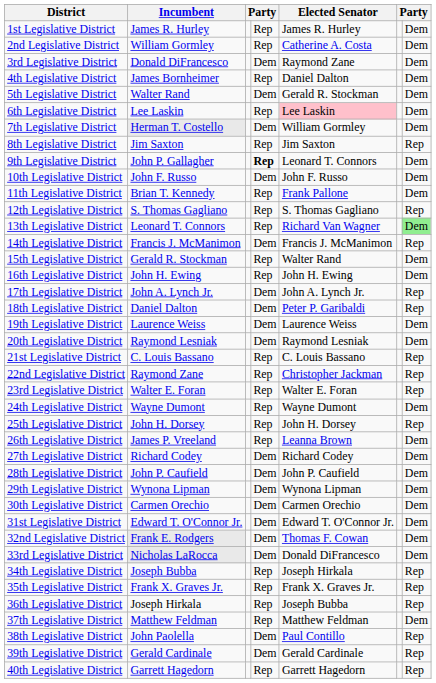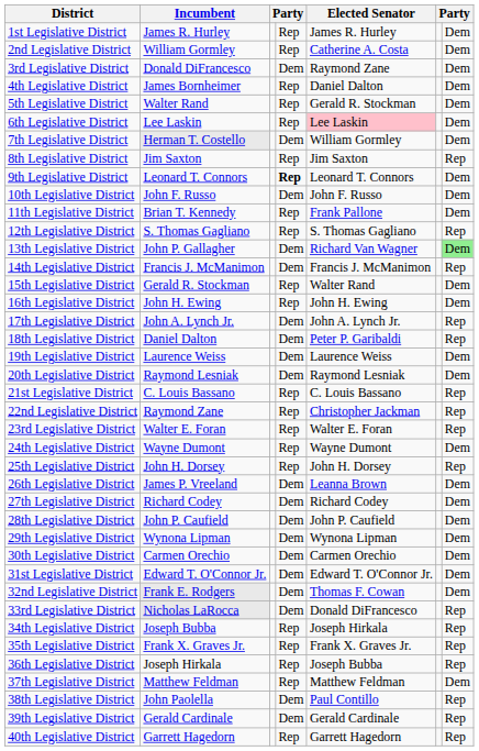 <table class="sortable wikitable" style="font-size:95%;line-height:14px;">
 <tr>
 <th>District</th>
 <th class="unsortable"><a href='#'>Incumbent</a></th>
 <th colspan="2">Party</th>
 <th class="unsortable">Elected Senator</th>
 <th colspan="2">Party</th>
 </tr>
 <tr>
 <td><a href='#'>1st Legislative District</a></td>
 <td><a href='#'>James R. Hurley</a></td>
 <td style="background:"></td>
 <td>Rep</td>
 <td>James R. Hurley</td>
 <td style="background:"></td>
 <td>Dem</td>
 </tr>
 <tr>
 <td><a href='#'>2nd Legislative District</a></td>
 <td><a href='#'>William Gormley</a></td>
 <td style="background:"></td>
 <td>Rep</td>
 <td><a href='#'>Catherine A. Costa</a></td>
 <td style="background:"></td>
 <td>Dem</td>
 </tr>
 <tr>
 <td><a href='#'>3rd Legislative District</a></td>
 <td><a href='#'>Donald DiFrancesco</a></td>
 <td style="background:"></td>
 <td>Dem</td>
 <td>Raymond Zane</td>
 <td style="background:"></td>
 <td>Dem</td>
 </tr>
 <tr>
 <td><a href='#'>4th Legislative District</a></td>
 <td><a href='#'>James Bornheimer</a></td>
 <td style="background:"></td>
 <td>Rep</td>
 <td>Daniel Dalton</td>
 <td style="background:"></td>
 <td>Dem</td>
 </tr>
 <tr>
 <td><a href='#'>5th Legislative District</a></td>
 <td><a href='#'>Walter Rand</a></td>
 <td style="background:"></td>
-<td>Dem</td>
+<td>Rep</td>
 <td>Gerald R. Stockman</td>
 <td style="background:"></td>
 <td>Dem</td>
 </tr>
 <tr>
 <td><a href='#'>6th Legislative District</a></td>
 <td><a href='#'>Lee Laskin</a></td>
 <td style="background:"></td>
 <td>Rep</td>
 <td style="background: pink;">Lee Laskin</td>
 <td style="background:"></td>
 <td>Dem</td>
 </tr>
 <tr>
 <td><a href='#'>7th Legislative District</a></td>
 <td style="background:#E9E9E9;"><a href='#'>Herman T. Costello</a></td>
 <td style="background:"></td>
 <td>Dem</td>
 <td>William Gormley</td>
 <td style="background:"></td>
 <td>Dem</td>
 </tr>
 <tr>
 <td><a href='#'>8th Legislative District</a></td>
 <td><a href='#'>Jim Saxton</a></td>
 <td style="background:"></td>
 <td>Rep</td>
 <td>Jim Saxton</td>
 <td style="background:"></td>
 <td>Rep</td>
 </tr>
 <tr>
 <td><a href='#'>9th Legislative District</a></td>
-<td><a href='#'>John P. Gallagher</a></td>
+<td><a href='#'>Leonard T. Connors</a></td>
 <td style="background:"></td>
 <td><strong>Rep</strong></td>
 <td>Leonard T. Connors</td>
 <td style="background:"></td>
 <td>Dem</td>
 </tr>
 <tr>
 <td><a href='#'>10th Legislative District</a></td>
 <td><a href='#'>John F. Russo</a></td>
 <td style="background:"></td>
 <td>Dem</td>
 <td>John F. Russo</td>
 <td style="background:"></td>
 <td>Dem</td>
 </tr>
 <tr>
 <td><a href='#'>11th Legislative District</a></td>
 <td><a href='#'>Brian T. Kennedy</a></td>
 <td style="background:"></td>
 <td>Rep</td>
 <td><a href='#'>Frank Pallone</a></td>
 <td style="background:"></td>
 <td>Dem</td>
 </tr>
 <tr>
 <td><a href='#'>12th Legislative District</a></td>
 <td><a href='#'>S. Thomas Gagliano</a></td>
 <td style="background:"></td>
 <td>Rep</td>
 <td>S. Thomas Gagliano</td>
 <td style="background:"></td>
 <td>Rep</td>
 </tr>
 <tr>
 <td><a href='#'>13th Legislative District</a></td>
-<td><a href='#'>Leonard T. Connors</a></td>
+<td><a href='#'>John P. Gallagher</a></td>
 <td style="background:"></td>
-<td>Rep</td>
+<td>Dem</td>
 <td><a href='#'>Richard Van Wagner</a></td>
 <td style="background:"></td>
 <td style="background: lightgreen;">Dem</td>
 </tr>
 <tr>
 <td><a href='#'>14th Legislative District</a></td>
 <td><a href='#'>Francis J. McManimon</a></td>
 <td style="background:"></td>
 <td>Dem</td>
 <td>Francis J. McManimon</td>
 <td style="background:"></td>
 <td>Rep</td>
 </tr>
 <tr>
 <td><a href='#'>15th Legislative District</a></td>
 <td><a href='#'>Gerald R. Stockman</a></td>
 <td style="background:"></td>
 <td>Rep</td>
 <td>Walter Rand</td>
 <td style="background:"></td>
 <td>Dem</td>
 </tr>
 <tr>
 <td><a href='#'>16th Legislative District</a></td>
 <td><a href='#'>John H. Ewing</a></td>
 <td style="background:"></td>
 <td>Rep</td>
 <td>John H. Ewing</td>
 <td style="background:"></td>
 <td>Dem</td>
 </tr>
 <tr>
 <td><a href='#'>17th Legislative District</a></td>
 <td><a href='#'>John A. Lynch Jr.</a></td>
 <td style="background:"></td>
 <td>Dem</td>
 <td>John A. Lynch Jr.</td>
 <td style="background:"></td>
 <td>Rep</td>
 </tr>
 <tr>
 <td><a href='#'>18th Legislative District</a></td>
 <td><a href='#'>Daniel Dalton</a></td>
 <td style="background:"></td>
 <td>Dem</td>
 <td><a href='#'>Peter P. Garibaldi</a></td>
 <td style="background:"></td>
 <td>Rep</td>
 </tr>
 <tr>
 <td><a href='#'>19th Legislative District</a></td>
 <td><a href='#'>Laurence Weiss</a></td>
 <td style="background:"></td>
 <td>Dem</td>
 <td>Laurence Weiss</td>
 <td style="background:"></td>
 <td>Dem</td>
 </tr>
 <tr>
 <td><a href='#'>20th Legislative District</a></td>
 <td><a href='#'>Raymond Lesniak</a></td>
 <td style="background:"></td>
 <td>Dem</td>
 <td>Raymond Lesniak</td>
 <td style="background:"></td>
 <td>Dem</td>
 </tr>
 <tr>
 <td><a href='#'>21st Legislative District</a></td>
 <td><a href='#'>C. Louis Bassano</a></td>
 <td style="background:"></td>
 <td>Rep</td>
 <td>C. Louis Bassano</td>
 <td style="background:"></td>
 <td>Rep</td>
 </tr>
 <tr>
 <td><a href='#'>22nd Legislative District</a></td>
 <td><a href='#'>Raymond Zane</a></td>
 <td style="background:"></td>
 <td>Rep</td>
 <td><a href='#'>Christopher Jackman</a></td>
 <td style="background:"></td>
 <td>Rep</td>
 </tr>
 <tr>
 <td><a href='#'>23rd Legislative District</a></td>
 <td><a href='#'>Walter E. Foran</a></td>
 <td style="background:"></td>
 <td>Rep</td>
 <td>Walter E. Foran</td>
 <td style="background:"></td>
 <td>Rep</td>
 </tr>
 <tr>
 <td><a href='#'>24th Legislative District</a></td>
 <td><a href='#'>Wayne Dumont</a></td>
 <td style="background:"></td>
 <td>Rep</td>
 <td>Wayne Dumont</td>
 <td style="background:"></td>
 <td>Dem</td>
 </tr>
 <tr>
 <td><a href='#'>25th Legislative District</a></td>
 <td><a href='#'>John H. Dorsey</a></td>
 <td style="background:"></td>
 <td>Rep</td>
 <td>John H. Dorsey</td>
 <td style="background:"></td>
 <td>Rep</td>
 </tr>
 <tr>
 <td><a href='#'>26th Legislative District</a></td>
 <td><a href='#'>James P. Vreeland</a></td>
 <td style="background:"></td>
-<td>Rep</td>
+<td>Dem</td>
 <td><a href='#'>Leanna Brown</a></td>
 <td style="background:"></td>
 <td>Dem</td>
 </tr>
 <tr>
 <td><a href='#'>27th Legislative District</a></td>
 <td><a href='#'>Richard Codey</a></td>
 <td style="background:"></td>
 <td>Dem</td>
 <td>Richard Codey</td>
 <td style="background:"></td>
 <td>Dem</td>
 </tr>
 <tr>
 <td><a href='#'>28th Legislative District</a></td>
 <td><a href='#'>John P. Caufield</a></td>
 <td style="background:"></td>
 <td>Dem</td>
 <td>John P. Caufield</td>
 <td style="background:"></td>
 <td>Dem</td>
 </tr>
 <tr>
 <td><a href='#'>29th Legislative District</a></td>
 <td><a href='#'>Wynona Lipman</a></td>
 <td style="background:"></td>
 <td>Dem</td>
 <td>Wynona Lipman</td>
 <td style="background:"></td>
 <td>Dem</td>
 </tr>
 <tr>
 <td><a href='#'>30th Legislative District</a></td>
 <td><a href='#'>Carmen Orechio</a></td>
 <td style="background:"></td>
 <td>Dem</td>
 <td>Carmen Orechio</td>
 <td style="background:"></td>
 <td>Dem</td>
 </tr>
 <tr>
 <td><a href='#'>31st Legislative District</a></td>
 <td><a href='#'>Edward T. O'Connor Jr.</a></td>
 <td style="background:"></td>
 <td>Dem</td>
 <td>Edward T. O'Connor Jr.</td>
 <td style="background:"></td>
 <td>Dem</td>
 </tr>
 <tr>
 <td><a href='#'>32nd Legislative District</a></td>
 <td style="background:#E9E9E9;"><a href='#'>Frank E. Rodgers</a></td>
 <td style="background:"></td>
 <td>Dem</td>
 <td><a href='#'>Thomas F. Cowan</a></td>
 <td style="background:"></td>
 <td>Dem</td>
 </tr>
 <tr>
 <td><a href='#'>33rd Legislative District</a></td>
 <td style="background:#E9E9E9;"><a href='#'>Nicholas LaRocca</a></td>
 <td style="background:"></td>
 <td>Dem</td>
 <td>Donald DiFrancesco</td>
 <td style="background:"></td>
-<td>Dem</td>
+<td>Rep</td>
 </tr>
 <tr>
 <td><a href='#'>34th Legislative District</a></td>
 <td><a href='#'>Joseph Bubba</a></td>
 <td style="background:"></td>
 <td>Rep</td>
 <td>Joseph Hirkala</td>
 <td style="background:"></td>
 <td>Rep</td>
 </tr>
 <tr>
 <td><a href='#'>35th Legislative District</a></td>
 <td><a href='#'>Frank X. Graves Jr.</a></td>
 <td style="background:"></td>
 <td>Rep</td>
 <td>Frank X. Graves Jr.</td>
 <td style="background:"></td>
 <td>Rep</td>
 </tr>
 <tr>
 <td><a href='#'>36th Legislative District</a></td>
 <td>Joseph Hirkala</td>
 <td style="background:"></td>
 <td>Rep</td>
 <td>Joseph Bubba</td>
 <td style="background:"></td>
 <td>Rep</td>
 </tr>
 <tr>
 <td><a href='#'>37th Legislative District</a></td>
 <td><a href='#'>Matthew Feldman</a></td>
 <td style="background:"></td>
 <td>Rep</td>
 <td>Matthew Feldman</td>
 <td style="background:"></td>
 <td>Dem</td>
 </tr>
 <tr>
 <td><a href='#'>38th Legislative District</a></td>
 <td><a href='#'>John Paolella</a></td>
 <td style="background:"></td>
 <td>Dem</td>
 <td><a href='#'>Paul Contillo</a></td>
 <td style="background:"></td>
 <td>Rep</td>
 </tr>
 <tr>
 <td><a href='#'>39th Legislative District</a></td>
 <td><a href='#'>Gerald Cardinale</a></td>
 <td style="background:"></td>
 <td>Dem</td>
 <td>Gerald Cardinale</td>
 <td style="background:"></td>
 <td>Rep</td>
 </tr>
 <tr>
 <td><a href='#'>40th Legislative District</a></td>
 <td><a href='#'>Garrett Hagedorn</a></td>
 <td style="background:"></td>
 <td>Rep</td>
 <td>Garrett Hagedorn</td>
 <td style="background:"></td>
 <td>Rep</td>
 </tr>
 </table>
